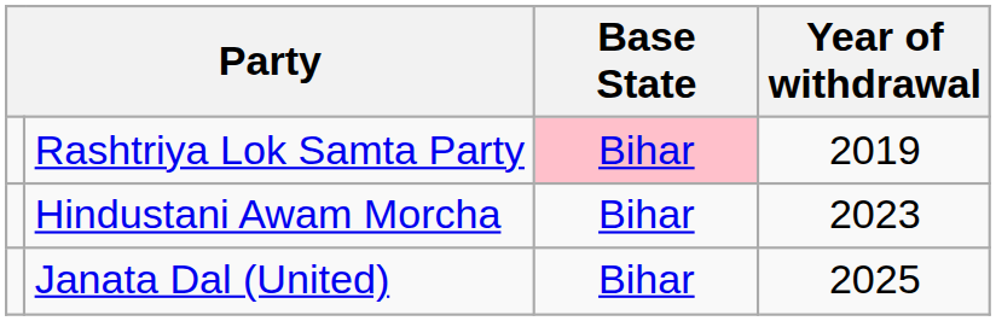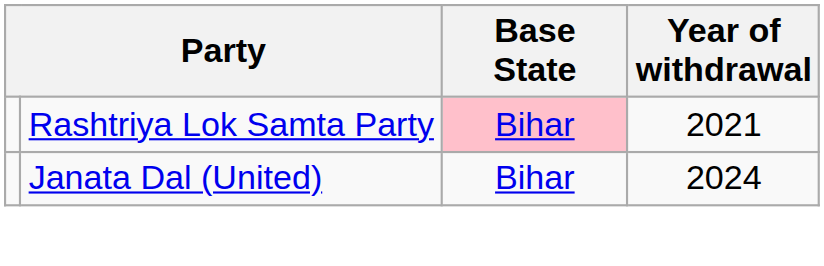 <table class="wikitable sortable">
 <tr>
 <th colspan="2" style="width:30px;">Party</th>
 <th style="width:80px;">Base State</th>
 <th style="width:60px;">Year of withdrawal</th>
 </tr>
 <tr>
 <td style="background-color:"></td>
 <td><a href='#'>Rashtriya Lok Samta Party</a></td>
 <td style="background: pink; text-align: center;"><a href='#'>Bihar</a></td>
-<td style="text-align: center;">2019</td>
-</tr>
-<tr>
-<td style="background-color:"></td>
-<td><a href='#'>Hindustani Awam Morcha</a></td>
-<td style="text-align: center;"><a href='#'>Bihar</a></td>
-<td style="text-align: center;">2023</td>
+<td style="text-align: center;">2021</td>
 </tr>
 <tr>
 <td style="background-color:"></td>
 <td><a href='#'>Janata Dal (United)</a></td>
 <td style="text-align: center;"><a href='#'>Bihar</a></td>
-<td style="text-align: center;">2025</td>
+<td style="text-align: center;">2024</td>
 </tr>
 </table>
